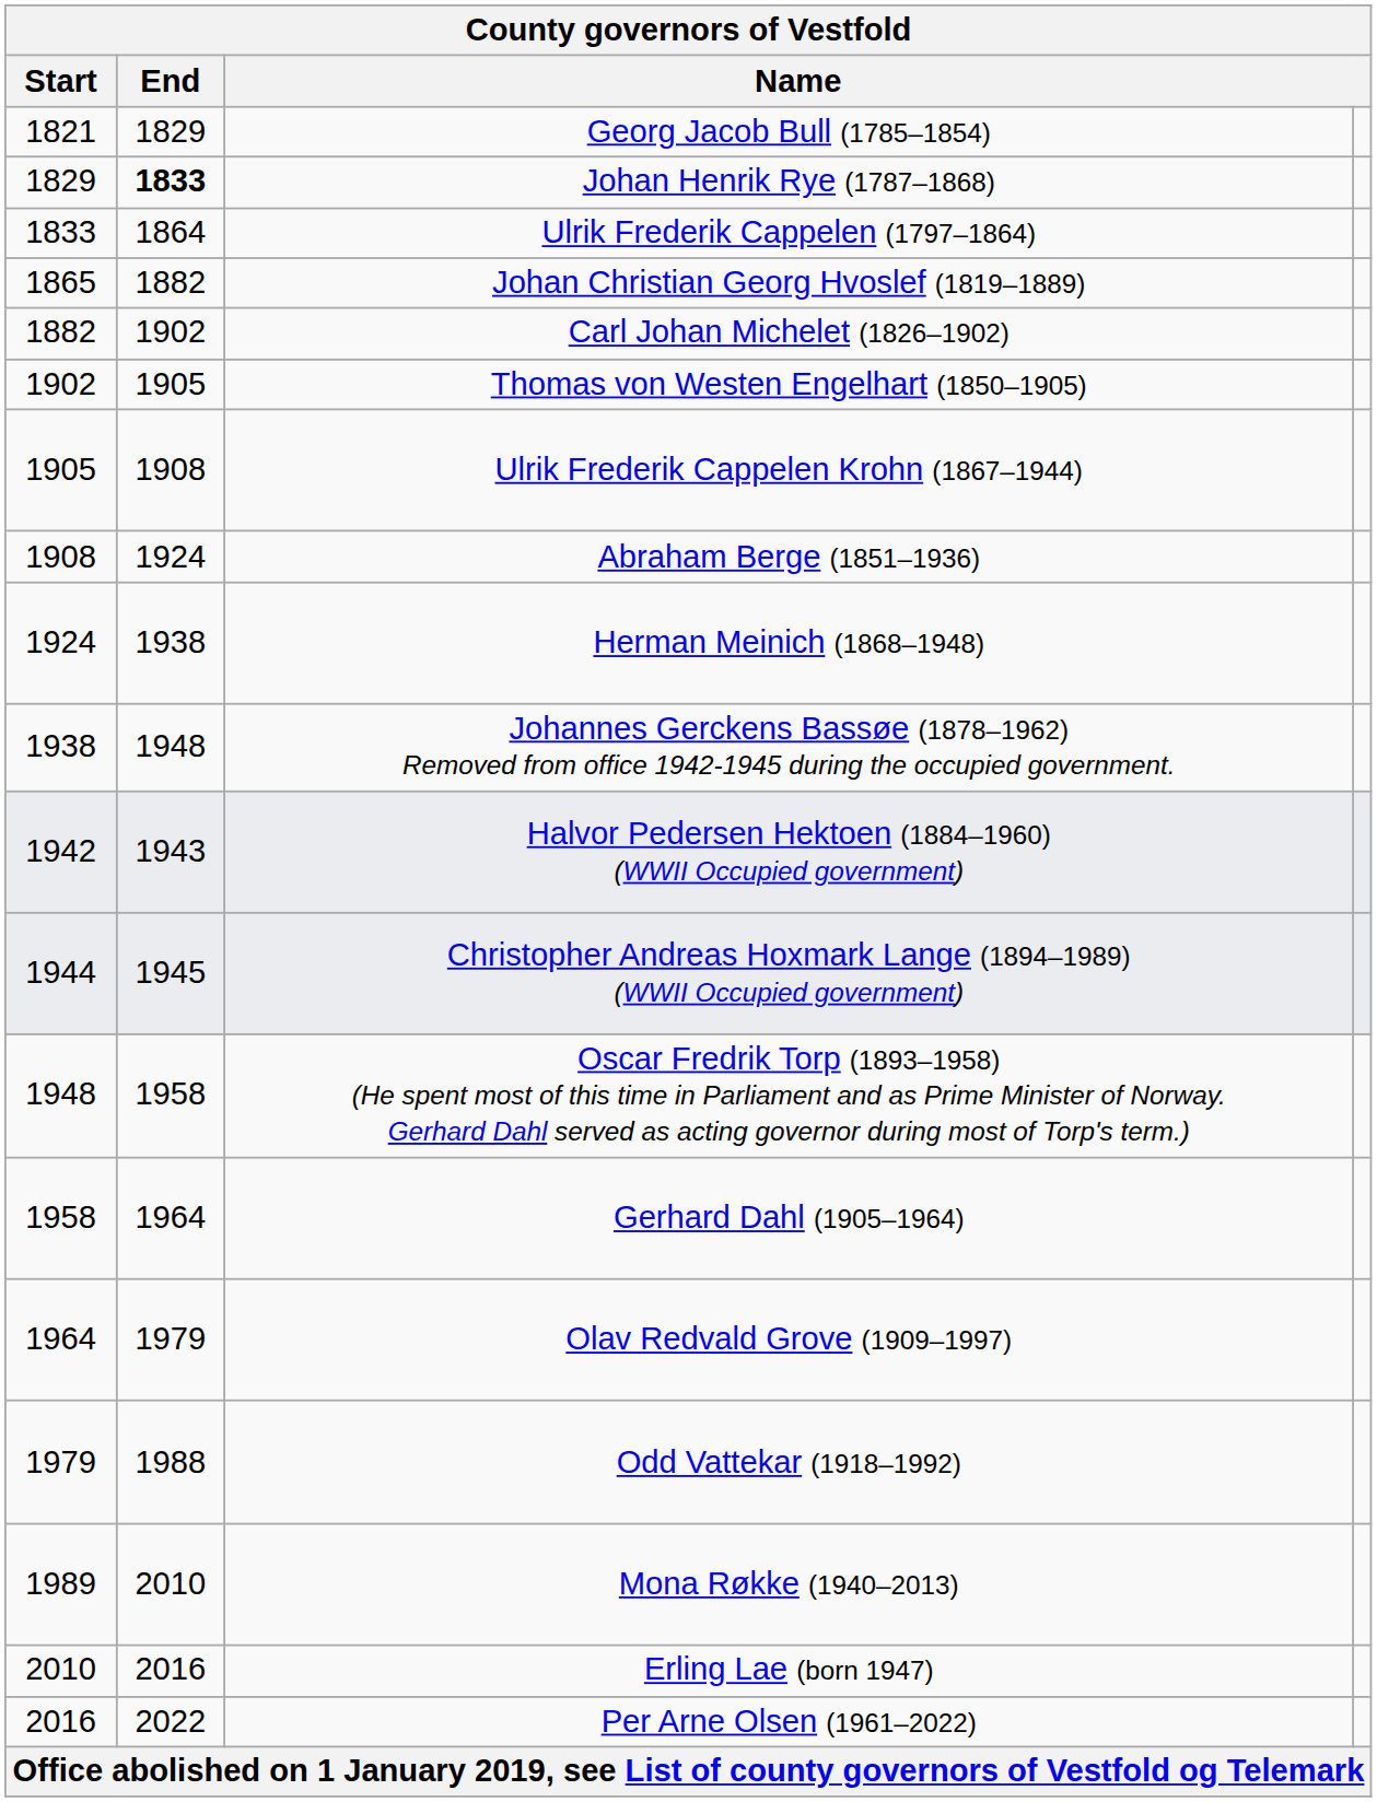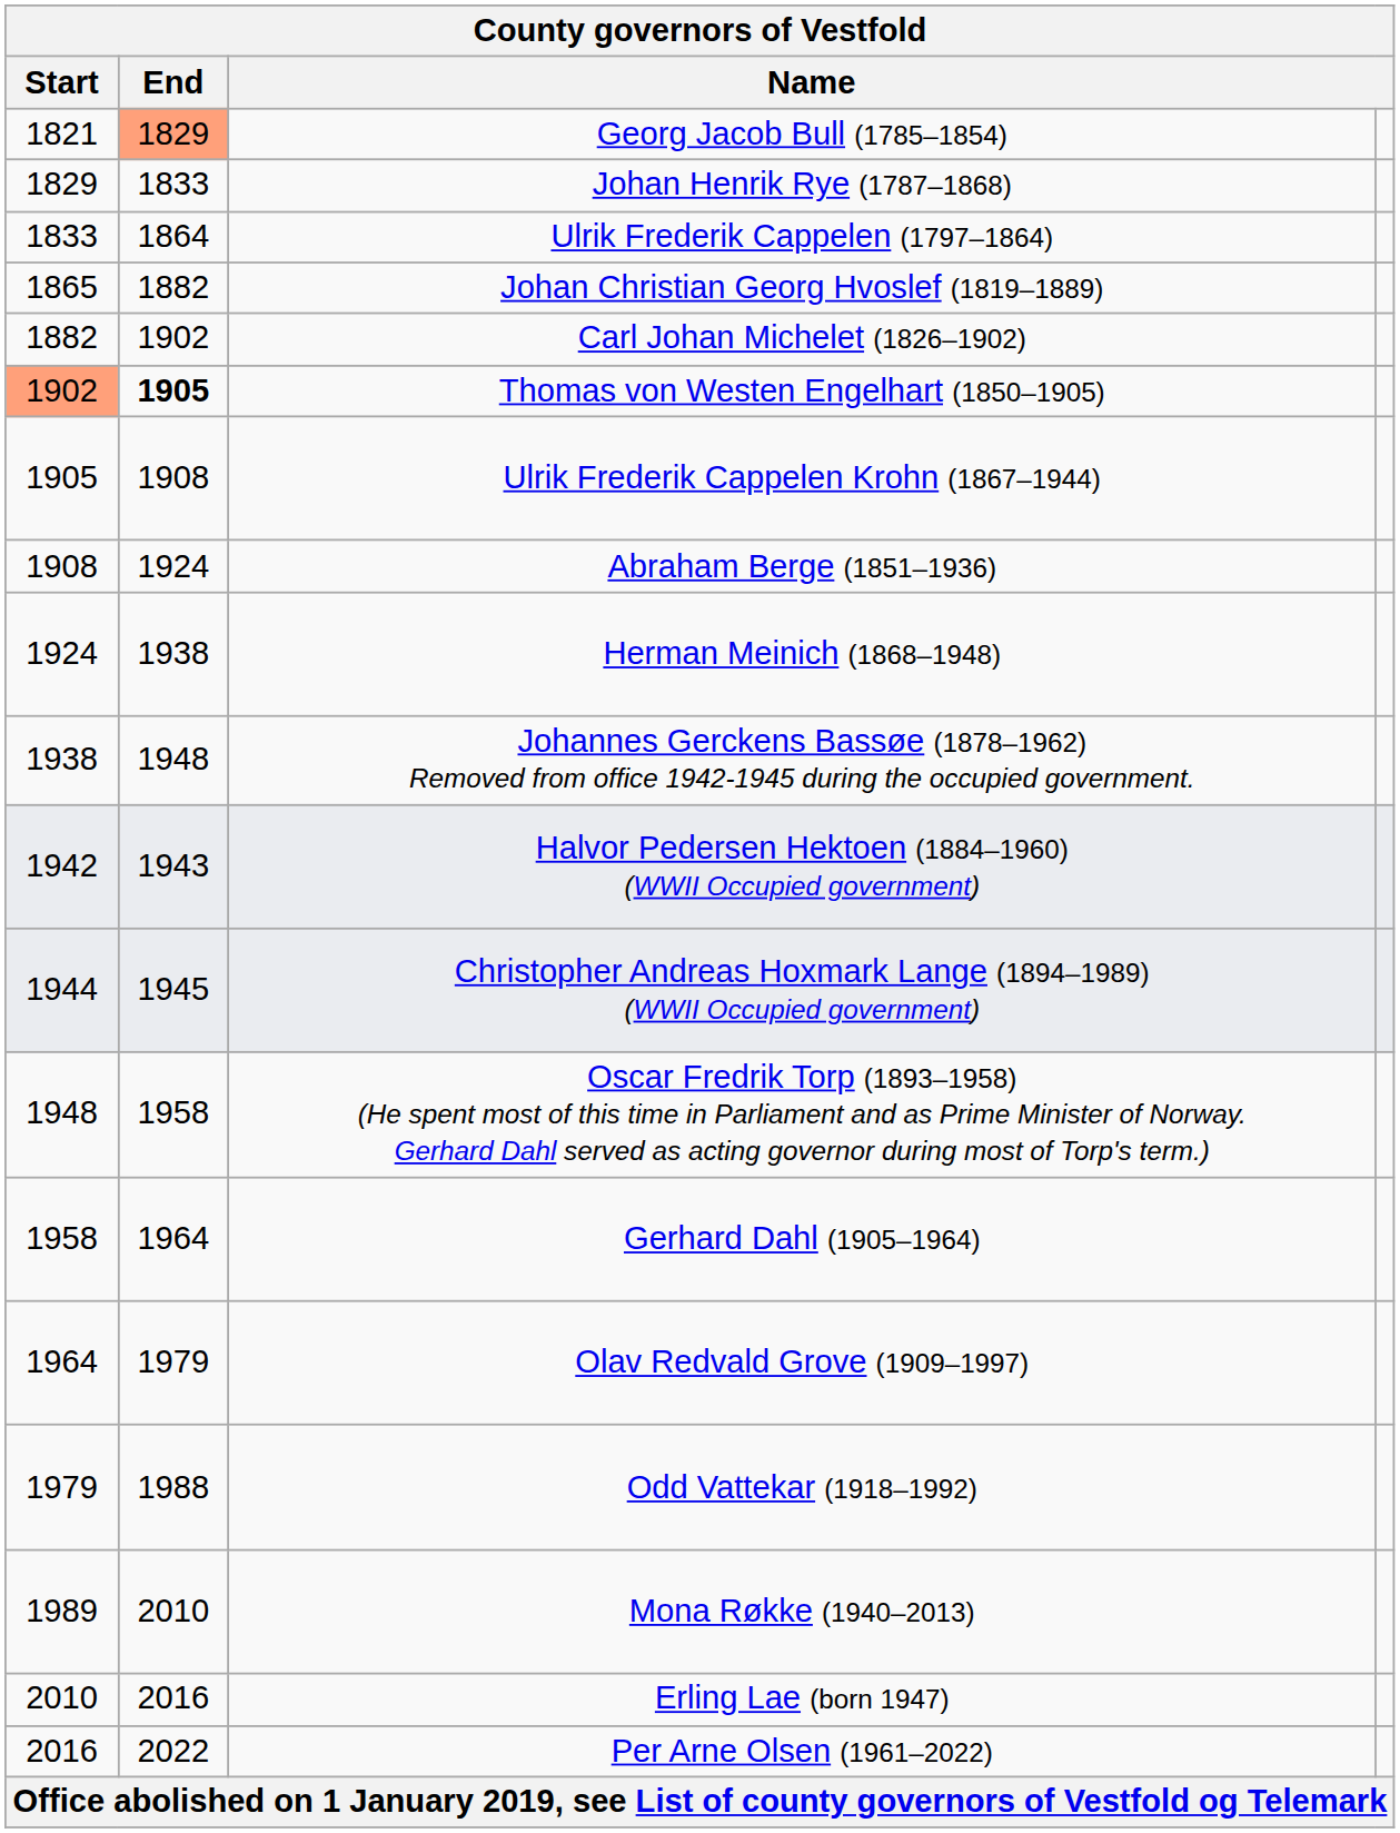 <table class="wikitable" style="text-align:center;">
 <tr>
 <th colspan=5>County governors of Vestfold</th>
 </tr>
 <tr>
 <th>Start</th>
 <th>End</th>
 <th colspan="2">Name</th>
 </tr>
 <tr>
 <td>1821</td>
-<td>1829</td>
+<td style="background: lightsalmon;">1829</td>
 <td><a href='#'>Georg Jacob Bull</a> <small>(1785–1854)</small></td>
 <td></td>
 </tr>
 <tr>
 <td>1829</td>
-<td><strong>1833</strong></td>
+<td>1833</td>
 <td><a href='#'>Johan Henrik Rye</a> <small>(1787–1868)</small></td>
 <td></td>
 </tr>
 <tr>
 <td>1833</td>
 <td>1864</td>
 <td><a href='#'>Ulrik Frederik Cappelen</a> <small>(1797–1864)</small></td>
 <td></td>
 </tr>
 <tr>
 <td>1865</td>
 <td>1882</td>
 <td><a href='#'>Johan Christian Georg Hvoslef</a> <small>(1819–1889)</small></td>
 <td></td>
 </tr>
 <tr>
 <td>1882</td>
 <td>1902</td>
 <td><a href='#'>Carl Johan Michelet</a> <small>(1826–1902)</small></td>
 <td></td>
 </tr>
 <tr>
-<td>1902</td>
-<td>1905</td>
+<td style="background: lightsalmon;">1902</td>
+<td><strong>1905</strong></td>
 <td><a href='#'>Thomas von Westen Engelhart</a> <small>(1850–1905)</small></td>
 <td></td>
 </tr>
 <tr>
 <td>1905</td>
 <td>1908</td>
 <td><a href='#'>Ulrik Frederik Cappelen Krohn</a> <small>(1867–1944)</small></td>
 <td><br><br><br></td>
 </tr>
 <tr>
 <td>1908</td>
 <td>1924</td>
 <td><a href='#'>Abraham Berge</a> <small>(1851–1936)</small></td>
 <td></td>
 </tr>
 <tr>
 <td>1924</td>
 <td>1938</td>
 <td><a href='#'>Herman Meinich</a> <small>(1868–1948)</small></td>
 <td><br><br><br></td>
 </tr>
 <tr>
 <td>1938</td>
 <td>1948</td>
 <td><a href='#'>Johannes Gerckens Bassøe</a> <small>(1878–1962)<br><em>Removed from office 1942-1945 during the occupied government.</em></small></td>
 <td></td>
 </tr>
 <tr bgcolor="#EAECF0">
 <td>1942</td>
 <td>1943</td>
 <td><a href='#'>Halvor Pedersen Hektoen</a> <small>(1884–1960)<br><em>(<a href='#'>WWII Occupied government</a>)</em></small></td>
 <td><br><br><br></td>
 </tr>
 <tr bgcolor="#EAECF0">
 <td>1944</td>
 <td>1945</td>
 <td><a href='#'>Christopher Andreas Hoxmark Lange</a> <small>(1894–1989)<br><em>(<a href='#'>WWII Occupied government</a>)</em></small></td>
 <td><br><br><br></td>
 </tr>
 <tr>
 <td>1948</td>
 <td>1958</td>
 <td><a href='#'>Oscar Fredrik Torp</a> <small>(1893–1958)<br><em>(He spent most of this time in Parliament and as Prime Minister of Norway. <br><a href='#'>Gerhard Dahl</a> served as acting governor during most of Torp's term.)</em></small></td>
 <td></td>
 </tr>
 <tr>
 <td>1958</td>
 <td>1964</td>
 <td><a href='#'>Gerhard Dahl</a> <small>(1905–1964)</small></td>
 <td><br><br><br></td>
 </tr>
 <tr>
 <td>1964</td>
 <td>1979</td>
 <td><a href='#'>Olav Redvald Grove</a> <small>(1909–1997)</small></td>
 <td><br><br><br></td>
 </tr>
 <tr>
 <td>1979</td>
 <td>1988</td>
 <td><a href='#'>Odd Vattekar</a> <small>(1918–1992)</small></td>
 <td><br><br><br></td>
 </tr>
 <tr>
 <td>1989</td>
 <td>2010</td>
 <td><a href='#'>Mona Røkke</a> <small>(1940–2013)</small></td>
 <td><br><br><br></td>
 </tr>
 <tr>
 <td>2010</td>
 <td>2016</td>
 <td><a href='#'>Erling Lae</a> <small>(born 1947)</small></td>
 <td></td>
 </tr>
 <tr>
 <td>2016</td>
 <td>2022</td>
 <td><a href='#'>Per Arne Olsen</a> <small>(1961–2022)</small></td>
 <td></td>
 </tr>
 <tr>
 <th colspan="4">Office abolished on 1 January 2019, see <a href='#'>List of county governors of Vestfold og Telemark</a></th>
 </tr>
 </table>
